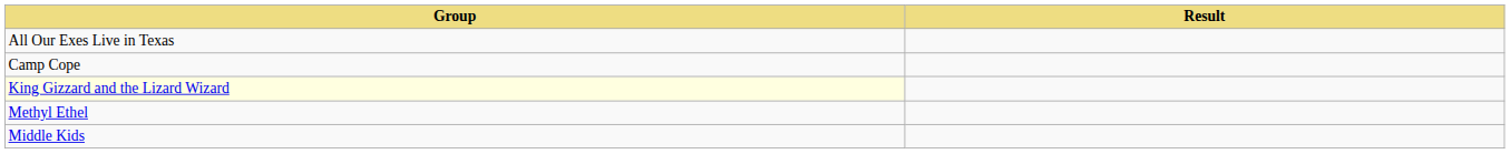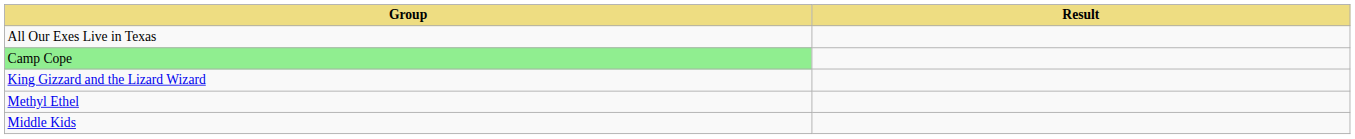 <table class="wikitable" width=100%>
 <tr>
 <th style="width:15%;background:#EEDD82;">Group</th>
 <th style="width:10%;background:#EEDD82;">Result</th>
 </tr>
 <tr>
 <td>All Our Exes Live in Texas</td>
 <td></td>
 </tr>
 <tr>
-<td>Camp Cope</td>
+<td style="background: lightgreen;">Camp Cope</td>
 <td></td>
 </tr>
 <tr>
-<td style="background: lightyellow;"><a href='#'>King Gizzard and the Lizard Wizard</a></td>
+<td><a href='#'>King Gizzard and the Lizard Wizard</a></td>
 <td></td>
 </tr>
 <tr>
 <td><a href='#'>Methyl Ethel</a></td>
 <td></td>
 </tr>
 <tr>
 <td><a href='#'>Middle Kids</a></td>
 <td></td>
 </tr>
 </table>
